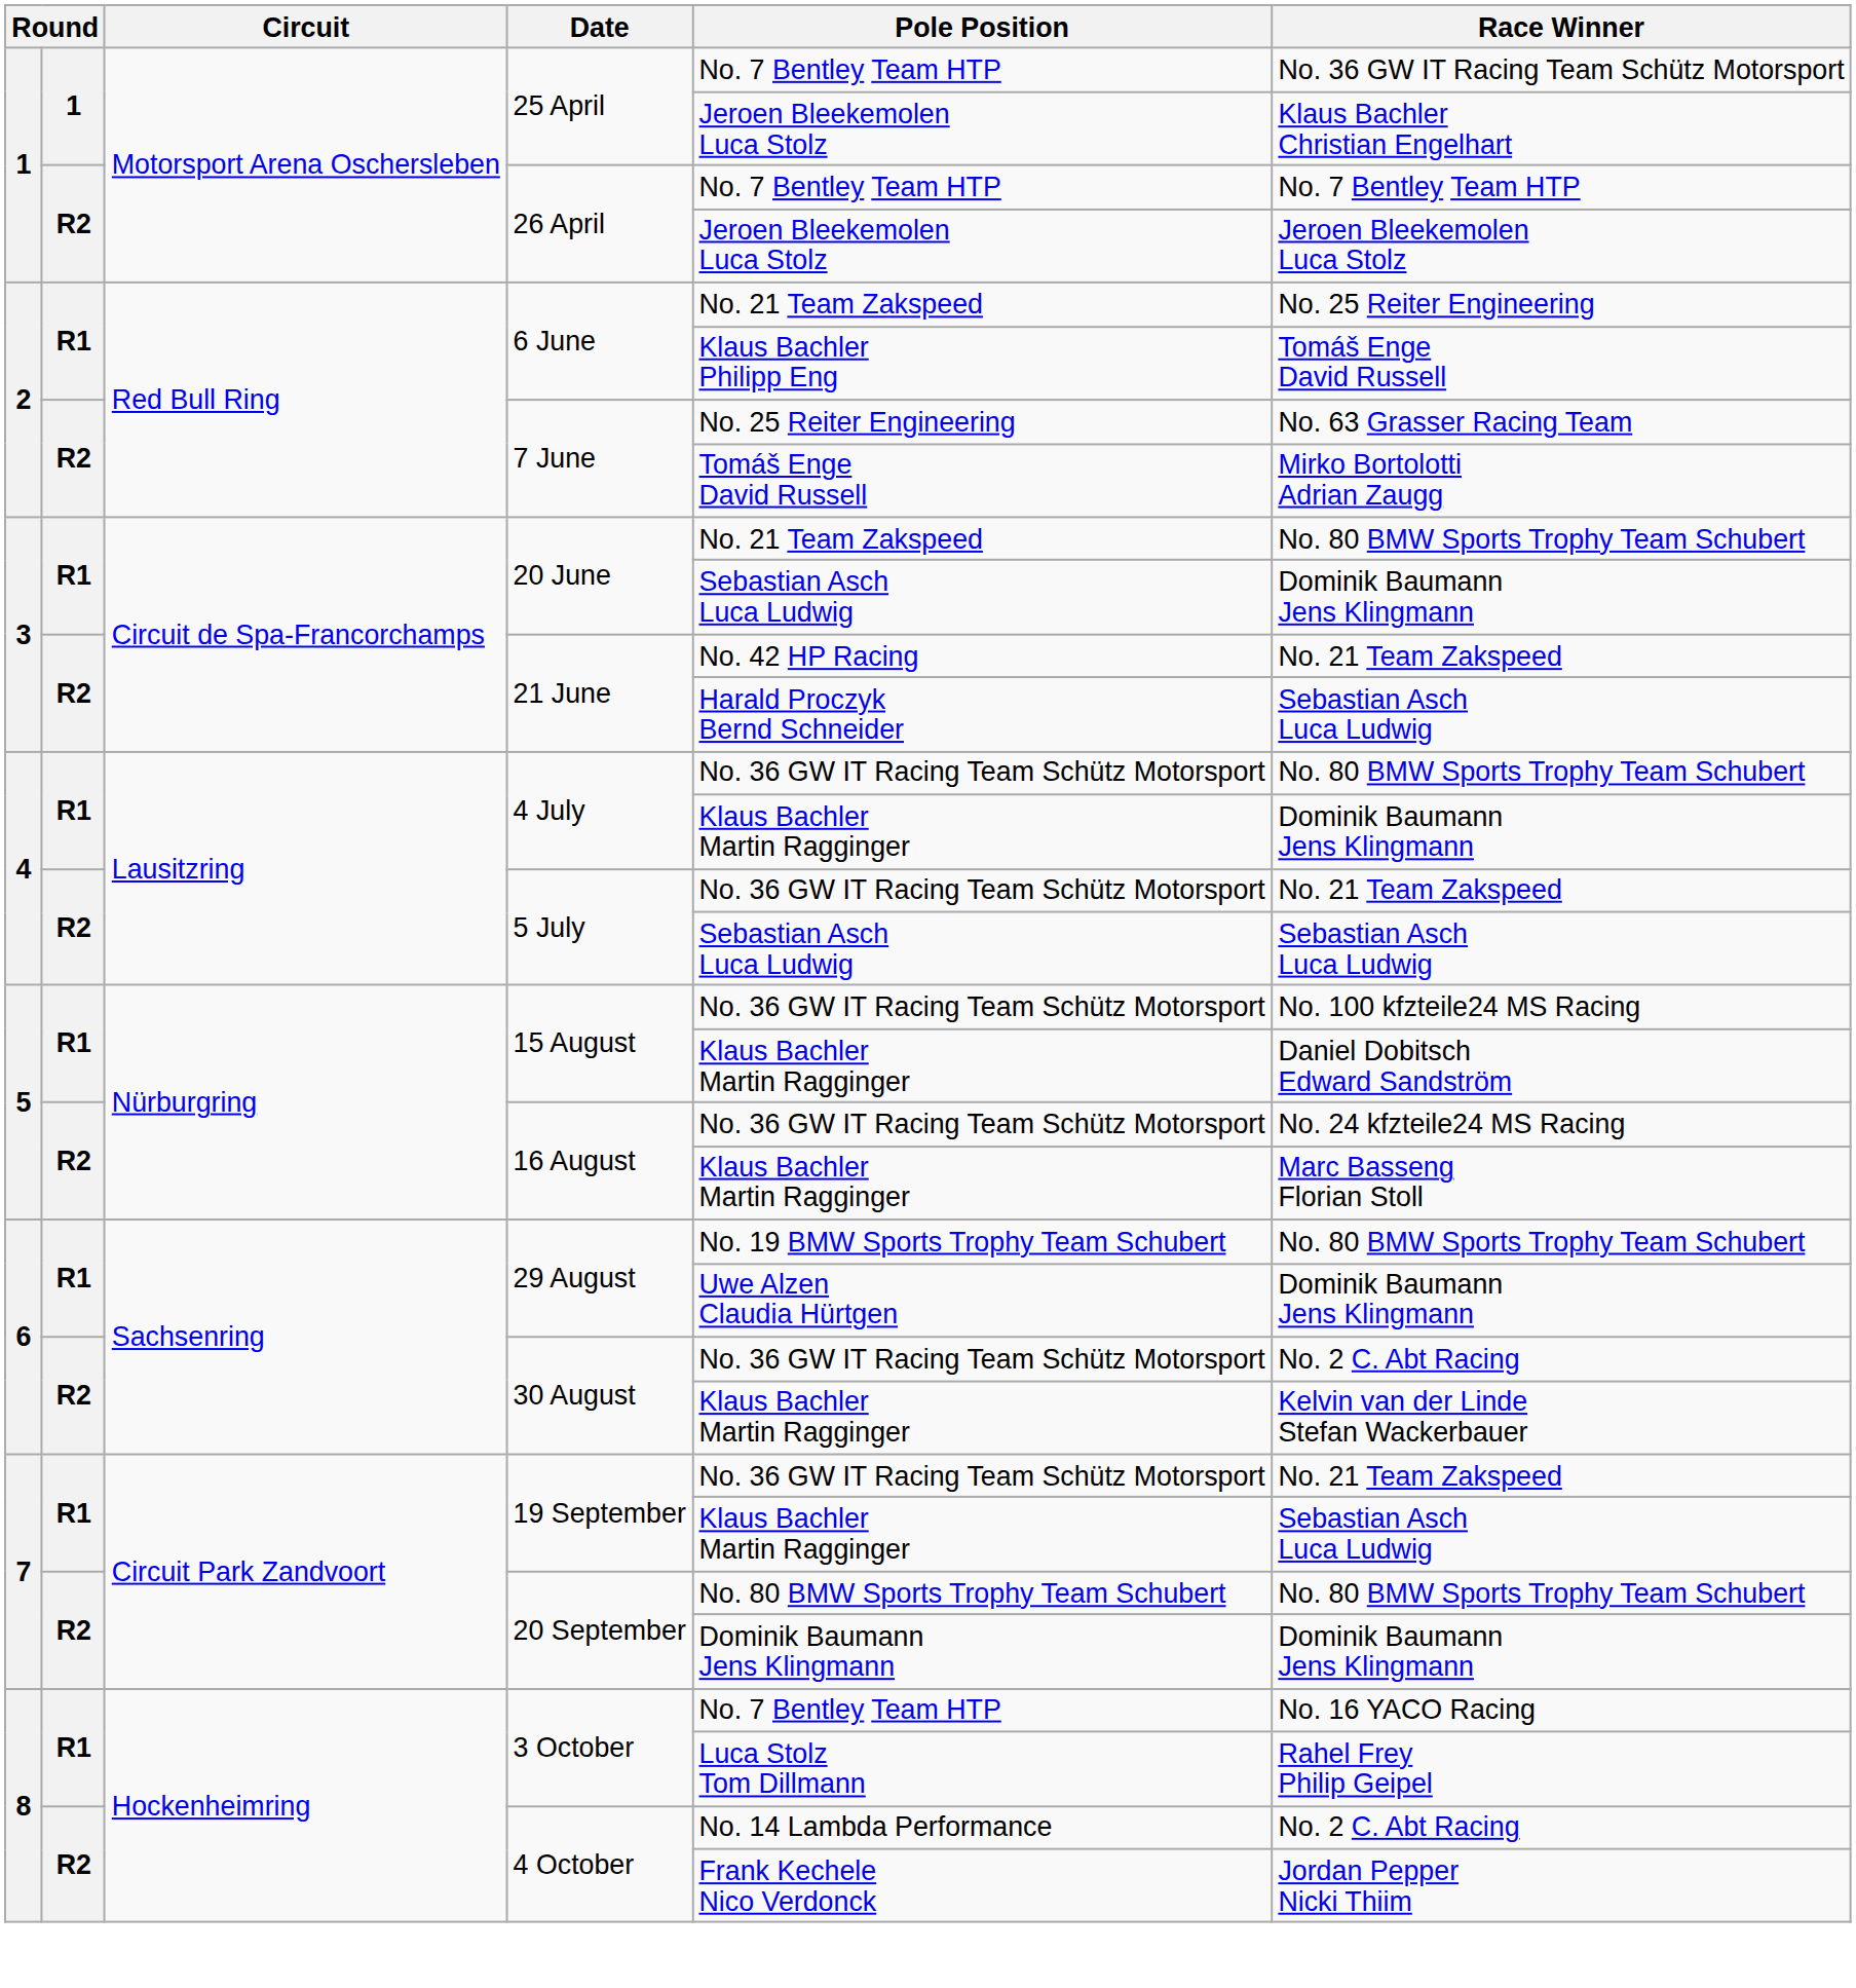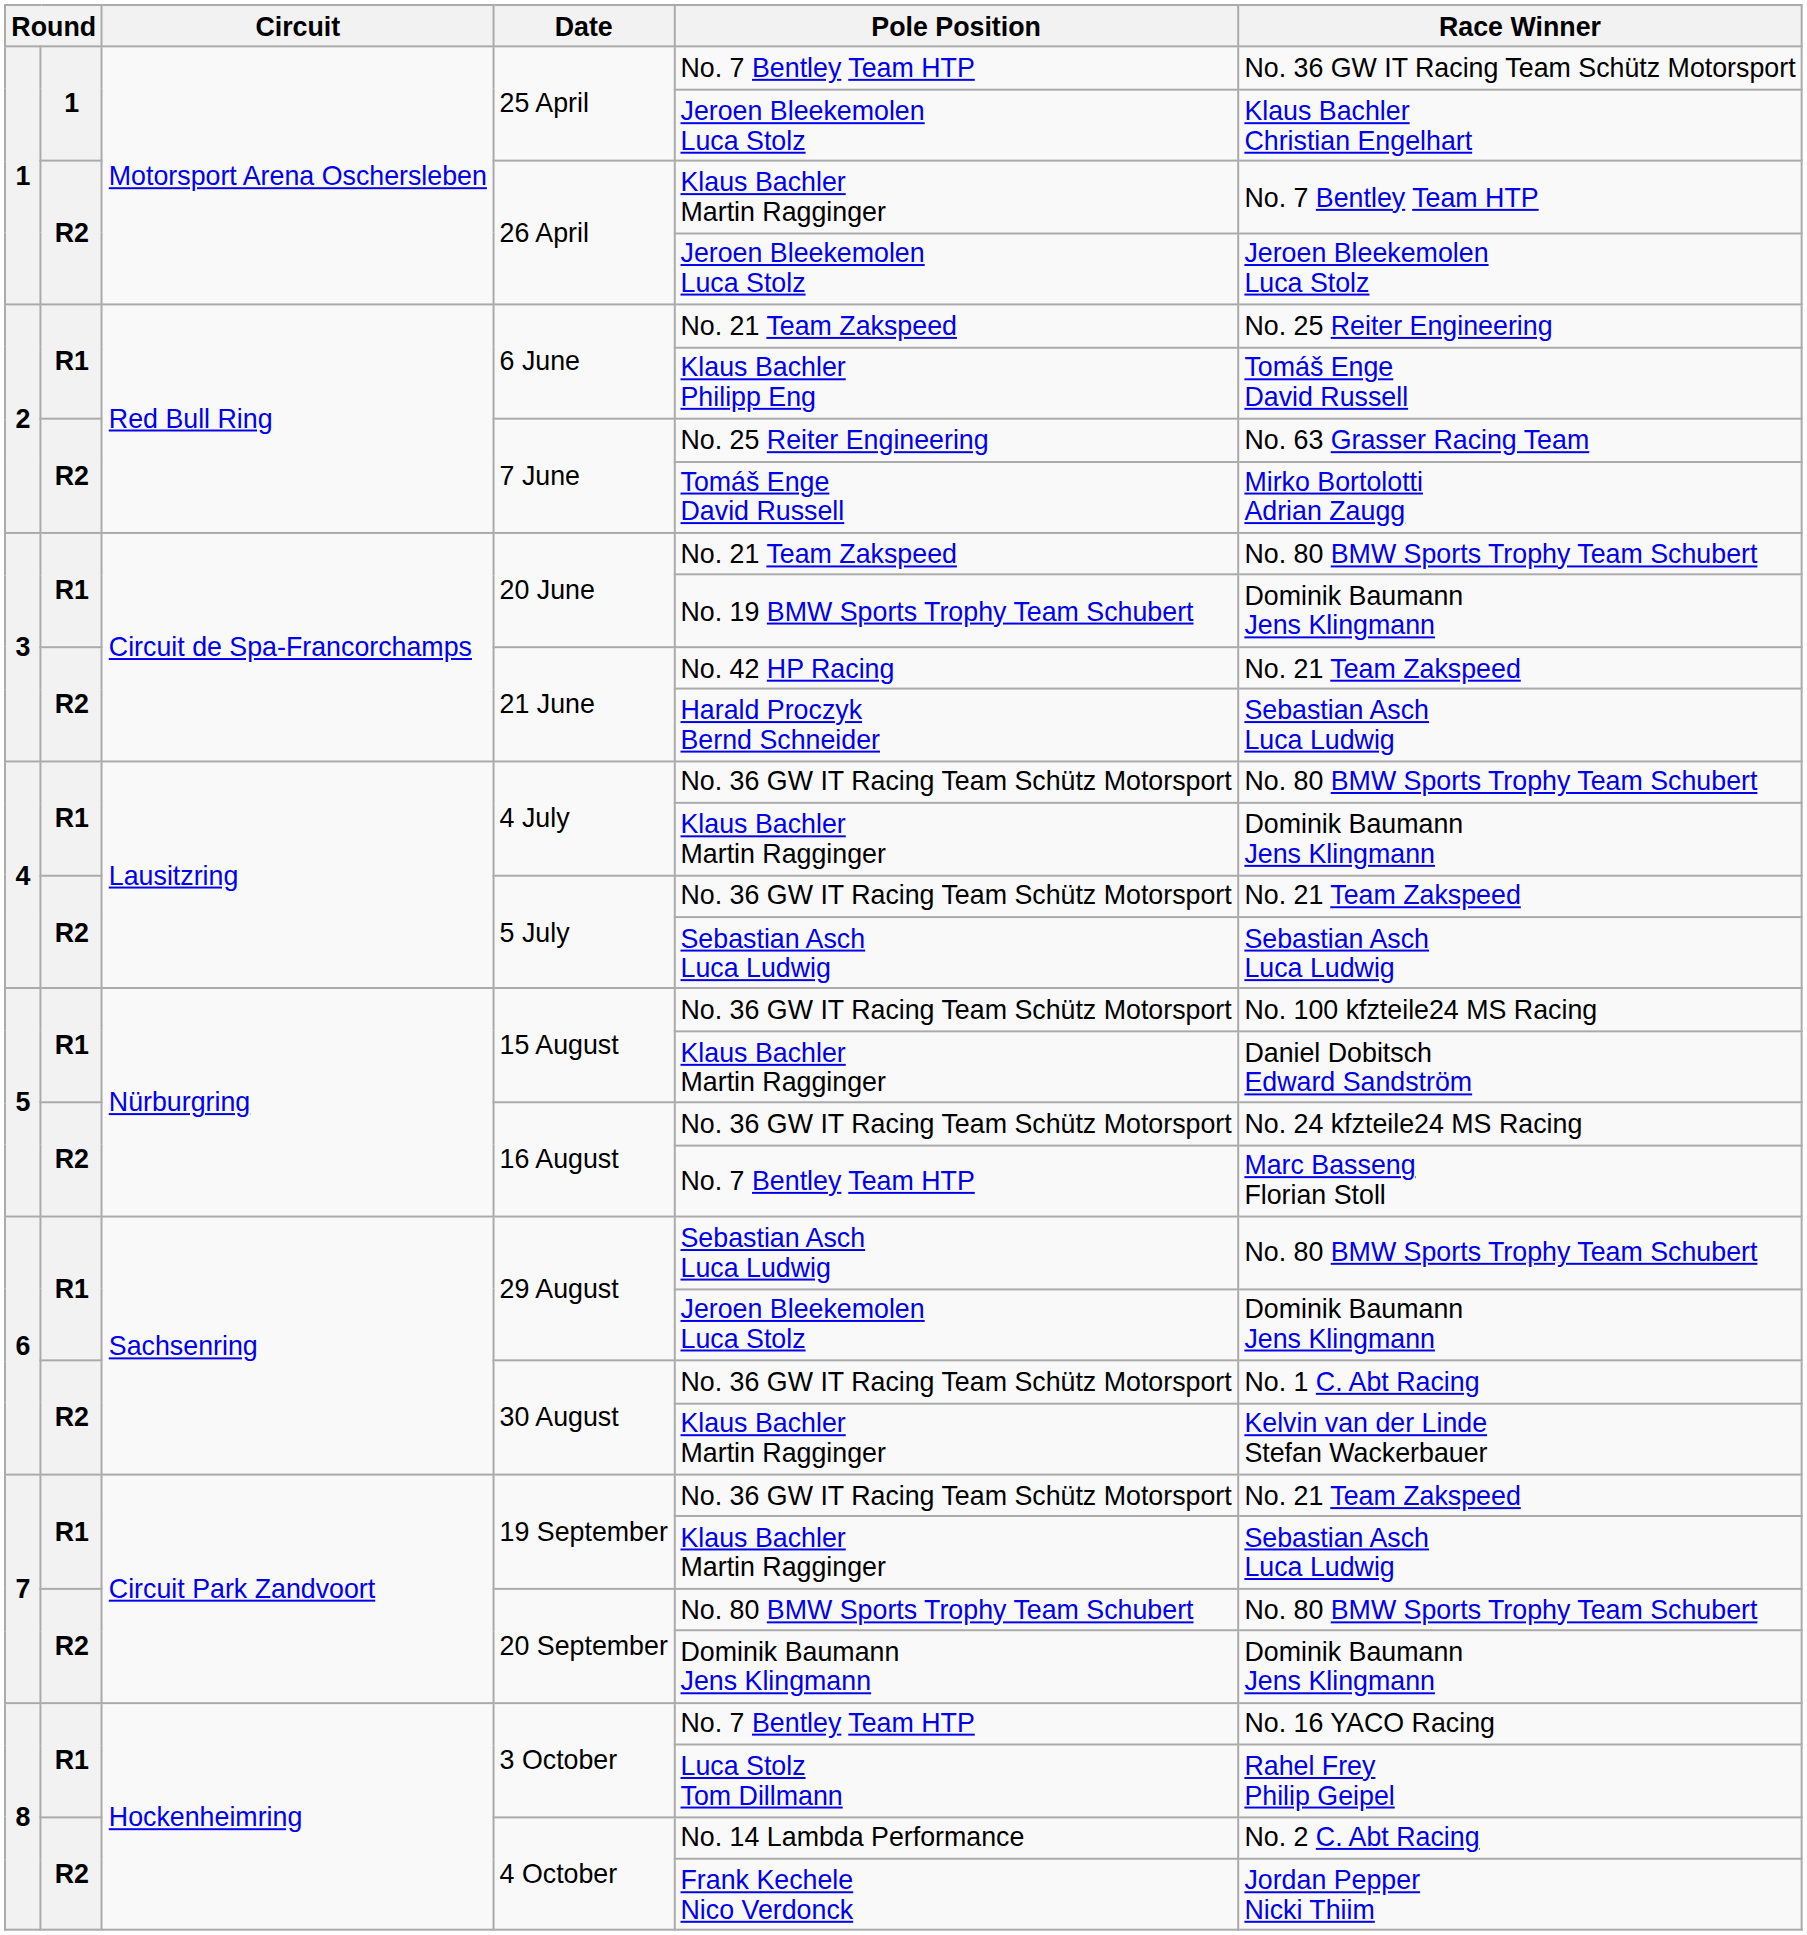 <table class="wikitable" style="font-size: 85%;">
 <tr>
 <th colspan=2>Round</th>
 <th>Circuit</th>
 <th>Date</th>
 <th>Pole Position</th>
 <th>Race Winner</th>
 </tr>
 <tr>
 <th rowspan=4>1</th>
 <th rowspan=2>1</th>
 <td rowspan=4> <a href='#'>Motorsport Arena Oschersleben</a></td>
 <td rowspan=2>25 April</td>
 <td> No. 7 <a href='#'>Bentley</a> <a href='#'>Team HTP</a></td>
 <td> No. 36 GW IT Racing Team Schütz Motorsport</td>
 </tr>
 <tr>
 <td> <a href='#'>Jeroen Bleekemolen</a><br> <a href='#'>Luca Stolz</a></td>
 <td> <a href='#'>Klaus Bachler</a><br> <a href='#'>Christian Engelhart</a></td>
 </tr>
 <tr>
 <th rowspan=2>R2</th>
 <td rowspan=2>26 April</td>
-<td> No. 7 <a href='#'>Bentley</a> <a href='#'>Team HTP</a></td>
+<td> <a href='#'>Klaus Bachler</a><br> Martin Ragginger</td>
 <td> No. 7 <a href='#'>Bentley</a> <a href='#'>Team HTP</a></td>
 </tr>
 <tr>
 <td> <a href='#'>Jeroen Bleekemolen</a><br> <a href='#'>Luca Stolz</a></td>
 <td> <a href='#'>Jeroen Bleekemolen</a><br> <a href='#'>Luca Stolz</a></td>
 </tr>
 <tr>
 <th rowspan=4>2</th>
 <th rowspan=2>R1</th>
 <td rowspan=4> <a href='#'>Red Bull Ring</a></td>
 <td rowspan=2>6 June</td>
 <td> No. 21 <a href='#'>Team Zakspeed</a></td>
 <td> No. 25 <a href='#'>Reiter Engineering</a></td>
 </tr>
 <tr>
 <td> <a href='#'>Klaus Bachler</a><br> <a href='#'>Philipp Eng</a></td>
 <td> <a href='#'>Tomáš Enge</a><br> <a href='#'>David Russell</a></td>
 </tr>
 <tr>
 <th rowspan=2>R2</th>
 <td rowspan=2>7 June</td>
 <td> No. 25 <a href='#'>Reiter Engineering</a></td>
 <td> No. 63 <a href='#'>Grasser Racing Team</a></td>
 </tr>
 <tr>
 <td> <a href='#'>Tomáš Enge</a><br> <a href='#'>David Russell</a></td>
 <td> <a href='#'>Mirko Bortolotti</a><br> <a href='#'>Adrian Zaugg</a></td>
 </tr>
 <tr>
 <th rowspan=4>3</th>
 <th rowspan=2>R1</th>
 <td rowspan=4> <a href='#'>Circuit de Spa-Francorchamps</a></td>
 <td rowspan=2>20 June</td>
 <td> No. 21 <a href='#'>Team Zakspeed</a></td>
 <td> No. 80 <a href='#'>BMW Sports Trophy Team Schubert</a></td>
 </tr>
 <tr>
-<td> <a href='#'>Sebastian Asch</a><br> <a href='#'>Luca Ludwig</a></td>
+<td> No. 19 <a href='#'>BMW Sports Trophy Team Schubert</a></td>
 <td> Dominik Baumann<br> <a href='#'>Jens Klingmann</a></td>
 </tr>
 <tr>
 <th rowspan=2>R2</th>
 <td rowspan=2>21 June</td>
 <td> No. 42 <a href='#'>HP Racing</a></td>
 <td> No. 21 <a href='#'>Team Zakspeed</a></td>
 </tr>
 <tr>
 <td> <a href='#'>Harald Proczyk</a><br> <a href='#'>Bernd Schneider</a></td>
 <td> <a href='#'>Sebastian Asch</a><br> <a href='#'>Luca Ludwig</a></td>
 </tr>
 <tr>
 <th rowspan=4>4</th>
 <th rowspan=2>R1</th>
 <td rowspan=4> <a href='#'>Lausitzring</a></td>
 <td rowspan=2>4 July</td>
 <td> No. 36 GW IT Racing Team Schütz Motorsport</td>
 <td> No. 80 <a href='#'>BMW Sports Trophy Team Schubert</a></td>
 </tr>
 <tr>
 <td> <a href='#'>Klaus Bachler</a><br> Martin Ragginger</td>
 <td> Dominik Baumann<br> <a href='#'>Jens Klingmann</a></td>
 </tr>
 <tr>
 <th rowspan=2>R2</th>
 <td rowspan=2>5 July</td>
 <td> No. 36 GW IT Racing Team Schütz Motorsport</td>
 <td> No. 21 <a href='#'>Team Zakspeed</a></td>
 </tr>
 <tr>
 <td> <a href='#'>Sebastian Asch</a><br> <a href='#'>Luca Ludwig</a></td>
 <td> <a href='#'>Sebastian Asch</a><br> <a href='#'>Luca Ludwig</a></td>
 </tr>
 <tr>
 <th rowspan=4>5</th>
 <th rowspan=2>R1</th>
 <td rowspan=4> <a href='#'>Nürburgring</a></td>
 <td rowspan=2>15 August</td>
 <td> No. 36 GW IT Racing Team Schütz Motorsport</td>
 <td> No. 100 kfzteile24 MS Racing</td>
 </tr>
 <tr>
 <td> <a href='#'>Klaus Bachler</a><br> Martin Ragginger</td>
 <td> Daniel Dobitsch<br> <a href='#'>Edward Sandström</a></td>
 </tr>
 <tr>
 <th rowspan=2>R2</th>
 <td rowspan=2>16 August</td>
 <td> No. 36 GW IT Racing Team Schütz Motorsport</td>
 <td> No. 24 kfzteile24 MS Racing</td>
 </tr>
 <tr>
-<td> <a href='#'>Klaus Bachler</a><br> Martin Ragginger</td>
+<td> No. 7 <a href='#'>Bentley</a> <a href='#'>Team HTP</a></td>
 <td> <a href='#'>Marc Basseng</a><br> Florian Stoll</td>
 </tr>
 <tr>
 <th rowspan=4>6</th>
 <th rowspan=2>R1</th>
 <td rowspan=4> <a href='#'>Sachsenring</a></td>
 <td rowspan=2>29 August</td>
-<td> No. 19 <a href='#'>BMW Sports Trophy Team Schubert</a></td>
+<td> <a href='#'>Sebastian Asch</a><br> <a href='#'>Luca Ludwig</a></td>
 <td> No. 80 <a href='#'>BMW Sports Trophy Team Schubert</a></td>
 </tr>
 <tr>
-<td> <a href='#'>Uwe Alzen</a><br> <a href='#'>Claudia Hürtgen</a></td>
+<td> <a href='#'>Jeroen Bleekemolen</a><br> <a href='#'>Luca Stolz</a></td>
 <td> Dominik Baumann<br> <a href='#'>Jens Klingmann</a></td>
 </tr>
 <tr>
 <th rowspan=2>R2</th>
 <td rowspan=2>30 August</td>
 <td> No. 36 GW IT Racing Team Schütz Motorsport</td>
-<td> No. 2 <a href='#'>C. Abt Racing</a></td>
+<td> No. 1 <a href='#'>C. Abt Racing</a></td>
 </tr>
 <tr>
 <td> <a href='#'>Klaus Bachler</a><br> Martin Ragginger</td>
 <td> <a href='#'>Kelvin van der Linde</a><br> Stefan Wackerbauer</td>
 </tr>
 <tr>
 <th rowspan=4>7</th>
 <th rowspan=2>R1</th>
 <td rowspan=4> <a href='#'>Circuit Park Zandvoort</a></td>
 <td rowspan=2>19 September</td>
 <td> No. 36 GW IT Racing Team Schütz Motorsport</td>
 <td> No. 21 <a href='#'>Team Zakspeed</a></td>
 </tr>
 <tr>
 <td> <a href='#'>Klaus Bachler</a><br> Martin Ragginger</td>
 <td> <a href='#'>Sebastian Asch</a><br> <a href='#'>Luca Ludwig</a></td>
 </tr>
 <tr>
 <th rowspan=2>R2</th>
 <td rowspan=2>20 September</td>
 <td> No. 80 <a href='#'>BMW Sports Trophy Team Schubert</a></td>
 <td> No. 80 <a href='#'>BMW Sports Trophy Team Schubert</a></td>
 </tr>
 <tr>
 <td> Dominik Baumann<br> <a href='#'>Jens Klingmann</a></td>
 <td> Dominik Baumann<br> <a href='#'>Jens Klingmann</a></td>
 </tr>
 <tr>
 <th rowspan=4>8</th>
 <th rowspan=2>R1</th>
 <td rowspan=4> <a href='#'>Hockenheimring</a></td>
 <td rowspan=2>3 October</td>
 <td> No. 7 <a href='#'>Bentley</a> <a href='#'>Team HTP</a></td>
 <td> No. 16 YACO Racing</td>
 </tr>
 <tr>
 <td> <a href='#'>Luca Stolz</a><br> <a href='#'>Tom Dillmann</a></td>
 <td> <a href='#'>Rahel Frey</a><br> <a href='#'>Philip Geipel</a></td>
 </tr>
 <tr>
 <th rowspan=2>R2</th>
 <td rowspan=2>4 October</td>
 <td> No. 14 Lambda Performance</td>
 <td> No. 2 <a href='#'>C. Abt Racing</a></td>
 </tr>
 <tr>
 <td> <a href='#'>Frank Kechele</a><br> <a href='#'>Nico Verdonck</a></td>
 <td> <a href='#'>Jordan Pepper</a><br> <a href='#'>Nicki Thiim</a></td>
 </tr>
 </table>
